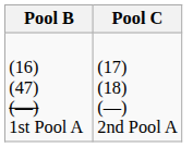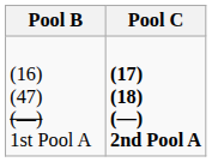 <table class="wikitable">
 <tr>
 <th width=50%>Pool B</th>
 <th width=50%>Pool C</th>
 </tr>
 <tr>
 <td><br> (16)<br>  (47)<br> <s> (—)</s><br> 1st Pool A</td>
-<td><br> (17)<br>  (18)<br>  (—)<br> 2nd Pool A</td>
+<td><strong><br> (17)<br>  (18)<br>  (—)<br> 2nd Pool A</strong></td>
 </tr>
 </table>
